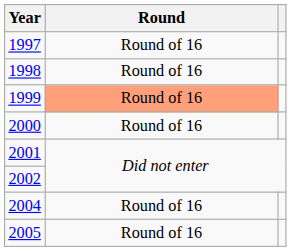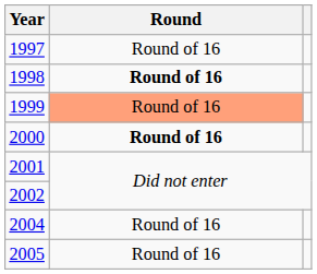 <table class="wikitable" style="text-align: center; font-size:90%">
 <tr>
 <th>Year</th>
 <th style="width:200px">Round</th>
 <th></th>
 </tr>
 <tr>
 <td><a href='#'>1997</a></td>
 <td>Round of 16</td>
 <td></td>
 </tr>
 <tr>
 <td><a href='#'>1998</a></td>
-<td>Round of 16</td>
+<td><strong>Round of 16</strong></td>
 <td></td>
 </tr>
 <tr>
 <td><a href='#'>1999</a></td>
 <td style="background: lightsalmon;">Round of 16</td>
 <td></td>
 </tr>
 <tr>
 <td><a href='#'>2000</a></td>
-<td>Round of 16</td>
+<td><strong>Round of 16</strong></td>
 <td></td>
 </tr>
 <tr>
 <td><a href='#'>2001</a></td>
 <td colspan="2" rowspan="2"><em>Did not enter</em></td>
 </tr>
 <tr>
 <td><a href='#'>2002</a></td>
 </tr>
 <tr>
 <td><a href='#'>2004</a></td>
 <td>Round of 16</td>
 <td></td>
 </tr>
 <tr>
 <td><a href='#'>2005</a></td>
 <td>Round of 16</td>
 <td></td>
 </tr>
 </table>
